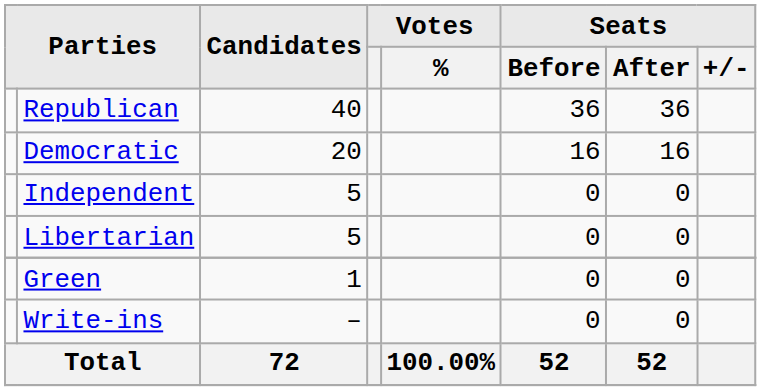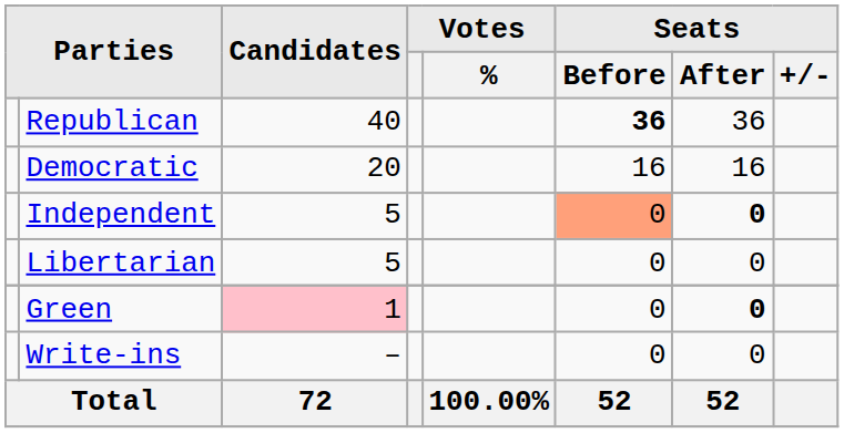 <table class=wikitable>
 <tr>
 <th style="background-color:#E9E9E9" align=center rowspan= 2 colspan=2>Parties</th>
 <th style="background-color:#E9E9E9" align=center rowspan= 2>Candidates</th>
 <th style="background-color:#E9E9E9" align=center colspan=2>Votes</th>
 <th style="background-color:#E9E9E9" align=center colspan=4>Seats</th>
 </tr>
 <tr>
 <th align=center></th>
 <th align=center>%</th>
 <th align=center>Before</th>
 <th align=center>After</th>
 <th align=center>+/-</th>
 </tr>
 <tr>
 <td></td>
 <td align=left><a href='#'>Republican</a></td>
 <td align=right>40</td>
 <td align=right></td>
 <td align=right></td>
-<td align=right>36</td>
+<td align=right><strong>36</strong></td>
 <td align=right>36</td>
 <td align=right></td>
 </tr>
 <tr>
 <td></td>
 <td align=left><a href='#'>Democratic</a></td>
 <td align=right>20</td>
 <td align=right></td>
 <td align=right></td>
 <td align=right>16</td>
 <td align=right>16</td>
 <td align=right></td>
 </tr>
 <tr>
 <td></td>
 <td><a href='#'>Independent</a></td>
 <td align=right>5</td>
 <td align=right></td>
 <td align=right></td>
-<td align=right>0</td>
-<td align=right>0</td>
+<td align=right style="background: lightsalmon;">0</td>
+<td align=right><strong>0</strong></td>
 <td align=right></td>
 </tr>
 <tr>
 <td></td>
 <td><a href='#'>Libertarian</a></td>
 <td align=right>5</td>
 <td align=right></td>
 <td align=right></td>
 <td align=right>0</td>
 <td align=right>0</td>
 <td align=right></td>
 </tr>
 <tr>
 </tr>
 <tr>
 <td></td>
 <td><a href='#'>Green</a></td>
-<td align=right>1</td>
+<td align=right style="background: pink;">1</td>
 <td align=right></td>
 <td align=right></td>
 <td align=right>0</td>
-<td align=right>0</td>
+<td align=right><strong>0</strong></td>
 <td align=right></td>
 </tr>
 <tr>
 <td></td>
 <td><a href='#'>Write-ins</a></td>
 <td align=right>–</td>
 <td align=right></td>
 <td align=right></td>
 <td align=right>0</td>
 <td align=right>0</td>
 <td align=right></td>
 </tr>
 <tr>
 <th align=center colspan="2">Total</th>
 <th align=center>72</th>
 <th align=center></th>
 <th align=center>100.00%</th>
 <th align=center>52</th>
 <th align=center>52</th>
 <th align=center></th>
 </tr>
 <tr>
 </tr>
 </table>
